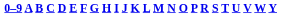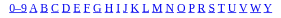 <table border="0" align="center" class="toccolours">
 <tr>
 <th></th>
 </tr>
 <tr>
-<td align="center"><strong><a href='#'>0–9</a> <a href='#'>A</a> <a href='#'>B</a> <a href='#'>C</a> <a href='#'>D</a> <a href='#'>E</a> <a href='#'>F</a> <a href='#'>G</a> <a href='#'>H</a> <a href='#'>I</a> <a href='#'>J</a> <a href='#'>K</a> <a href='#'>L</a> <a href='#'>M</a> <a href='#'>N</a> <a href='#'>O</a> <a href='#'>P</a> <a href='#'>R</a> <a href='#'>S</a> <a href='#'>T</a> <a href='#'>U</a> <a href='#'>V</a> <a href='#'>W</a> <a href='#'>Y</a><br></strong></td>
+<td align="center"><a href='#'>0–9</a> <a href='#'>A</a> <a href='#'>B</a> <a href='#'>C</a> <a href='#'>D</a> <a href='#'>E</a> <a href='#'>F</a> <a href='#'>G</a> <a href='#'>H</a> <a href='#'>I</a> <a href='#'>J</a> <a href='#'>K</a> <a href='#'>L</a> <a href='#'>M</a> <a href='#'>N</a> <a href='#'>O</a> <a href='#'>P</a> <a href='#'>R</a> <a href='#'>S</a> <a href='#'>T</a> <a href='#'>U</a> <a href='#'>V</a> <a href='#'>W</a> <a href='#'>Y</a><br></td>
 </tr>
 </table>
